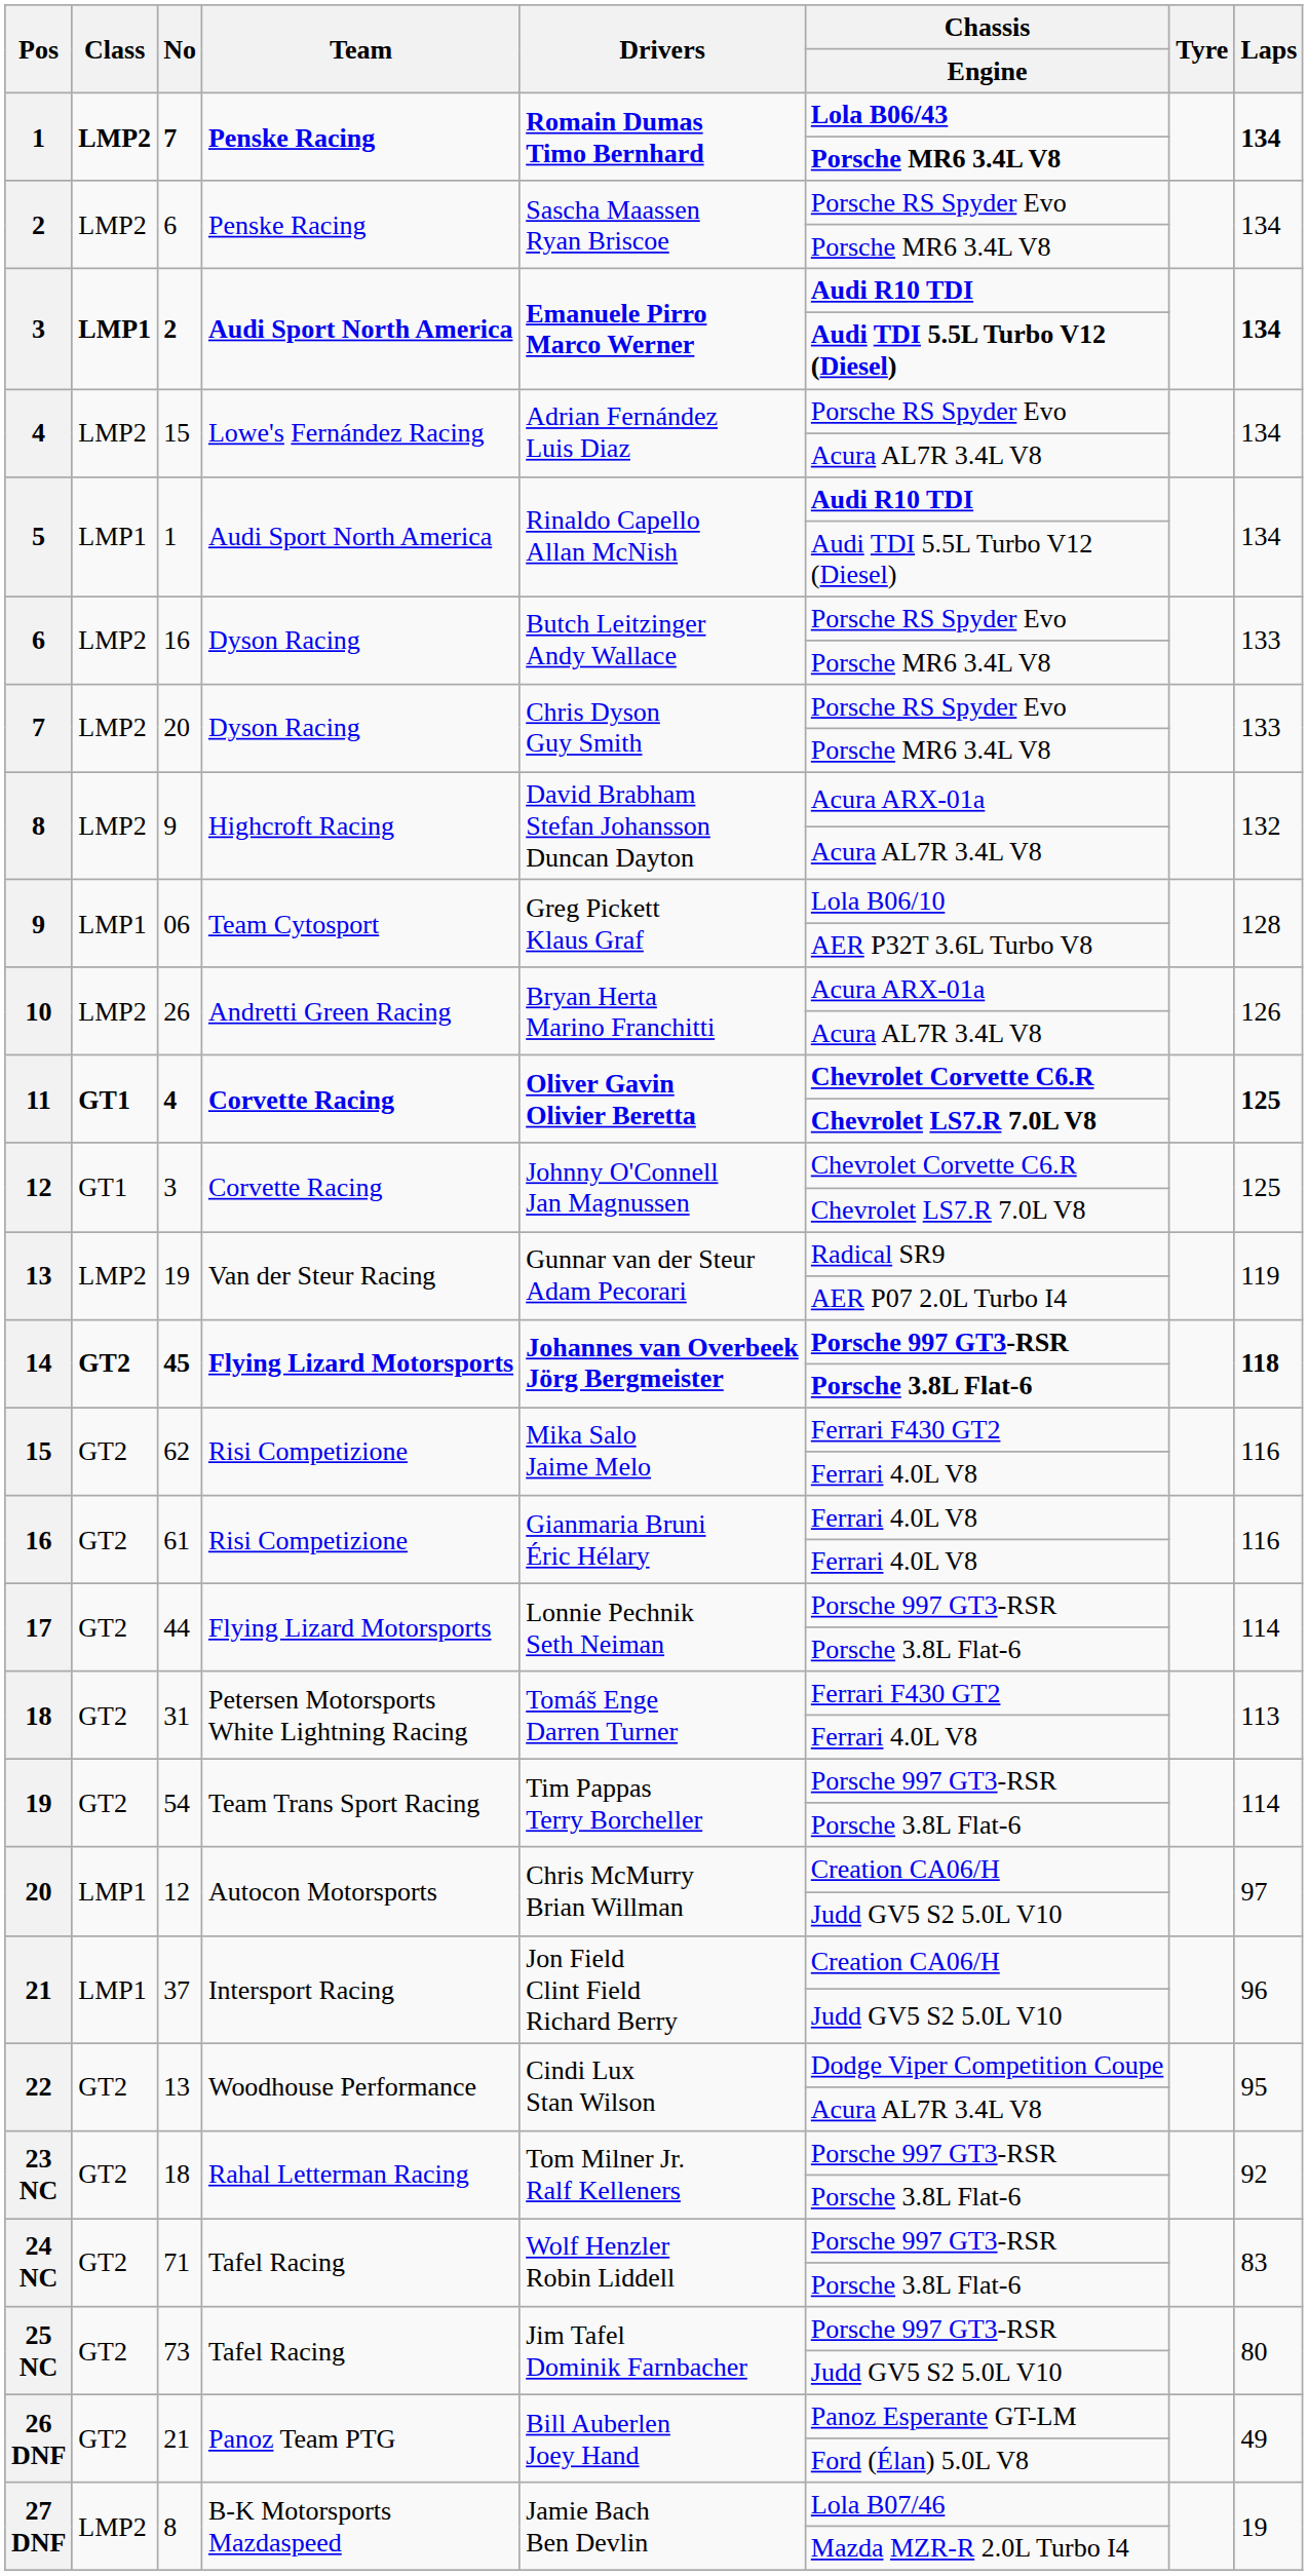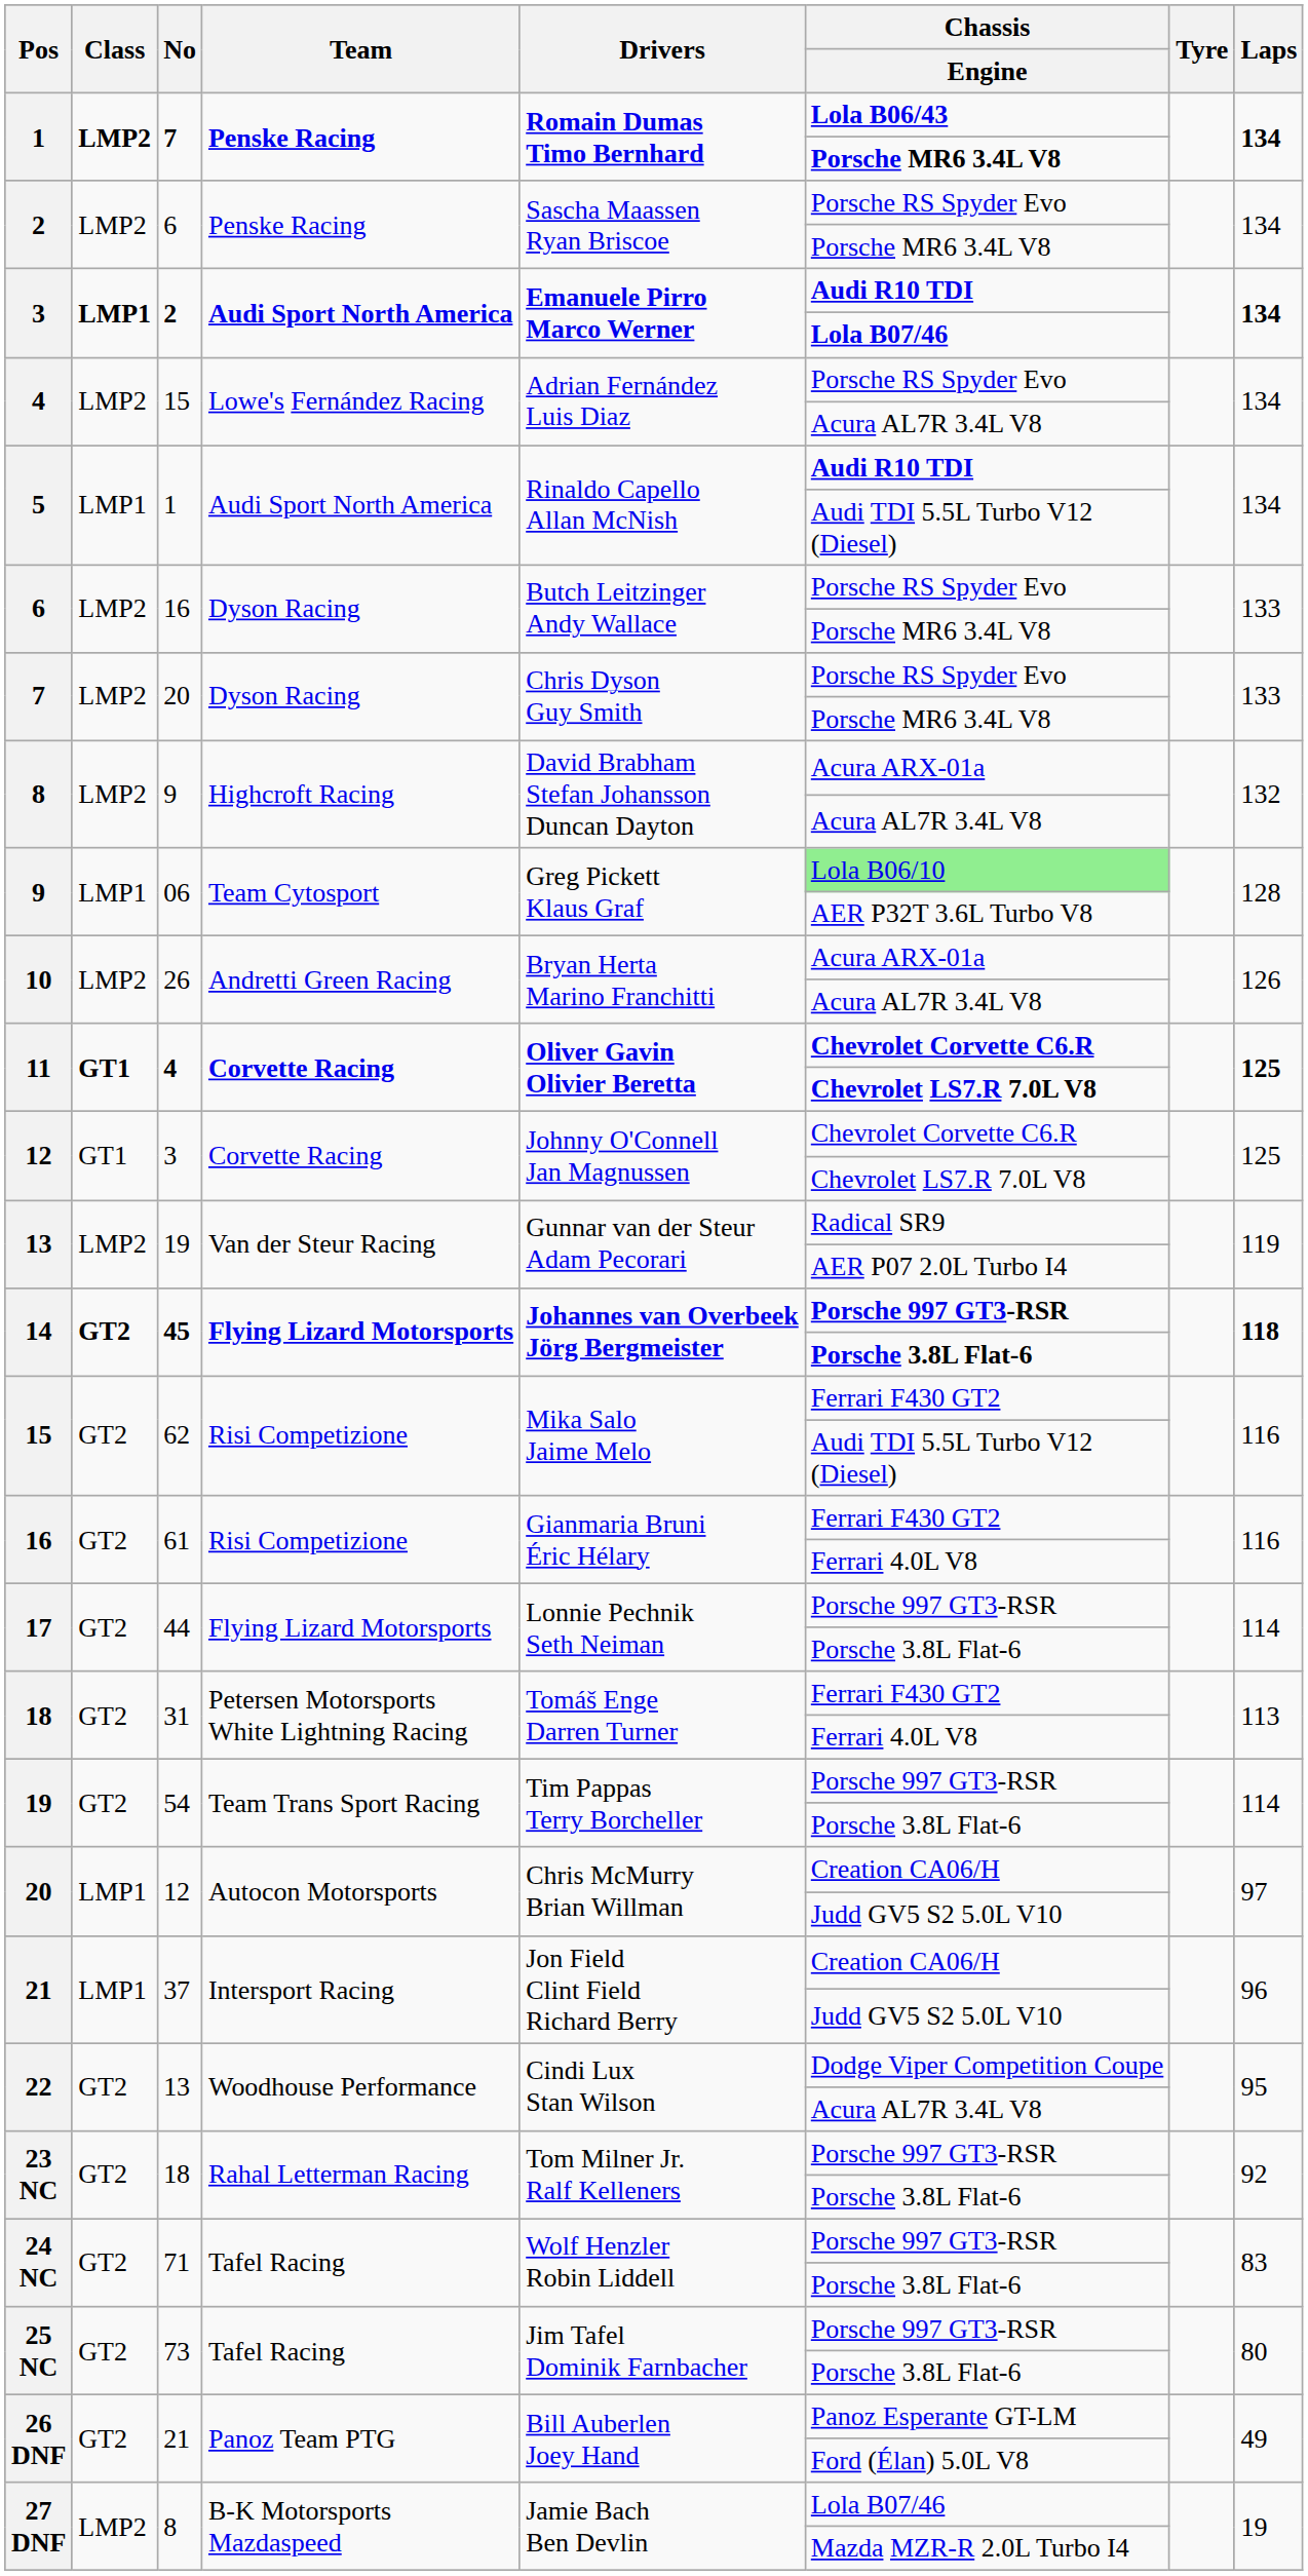 <table class="wikitable" style="font-size: 95%;">
 <tr>
 <th rowspan=2>Pos</th>
 <th rowspan=2>Class</th>
 <th rowspan=2>No</th>
 <th rowspan=2>Team</th>
 <th rowspan=2>Drivers</th>
 <th>Chassis</th>
 <th rowspan=2>Tyre</th>
 <th rowspan=2>Laps</th>
 </tr>
 <tr>
 <th>Engine</th>
 </tr>
 <tr style="font-weight:bold">
 <th rowspan=2>1</th>
 <td rowspan=2>LMP2</td>
 <td rowspan=2>7</td>
 <td rowspan=2> <a href='#'>Penske Racing</a></td>
 <td rowspan=2> <a href='#'>Romain Dumas</a><br> <a href='#'>Timo Bernhard</a></td>
 <td><a href='#'>Lola B06/43</a></td>
 <td rowspan=2></td>
 <td rowspan=2>134</td>
 </tr>
 <tr style="font-weight:bold">
 <td><a href='#'>Porsche</a> MR6 3.4L V8</td>
 </tr>
 <tr>
 <th rowspan=2>2</th>
 <td rowspan=2>LMP2</td>
 <td rowspan=2>6</td>
 <td rowspan=2> <a href='#'>Penske Racing</a></td>
 <td rowspan=2> <a href='#'>Sascha Maassen</a><br> <a href='#'>Ryan Briscoe</a></td>
 <td><a href='#'>Porsche RS Spyder</a> Evo</td>
 <td rowspan=2></td>
 <td rowspan=2>134</td>
 </tr>
 <tr>
 <td><a href='#'>Porsche</a> MR6 3.4L V8</td>
 </tr>
 <tr style="font-weight:bold">
 <th rowspan=2>3</th>
 <td rowspan=2>LMP1</td>
 <td rowspan=2>2</td>
 <td rowspan=2> <a href='#'>Audi Sport North America</a></td>
 <td rowspan=2> <a href='#'>Emanuele Pirro</a><br> <a href='#'>Marco Werner</a></td>
 <td><a href='#'>Audi R10 TDI</a></td>
 <td rowspan=2></td>
 <td rowspan=2>134</td>
 </tr>
 <tr style="font-weight:bold">
-<td><a href='#'>Audi</a> <a href='#'>TDI</a> 5.5L Turbo V12<br>(<a href='#'>Diesel</a>)</td>
+<td><a href='#'>Lola B07/46</a></td>
 </tr>
 <tr>
 <th rowspan=2>4</th>
 <td rowspan=2>LMP2</td>
 <td rowspan=2>15</td>
 <td rowspan=2> <a href='#'>Lowe's</a> <a href='#'>Fernández Racing</a></td>
 <td rowspan=2> <a href='#'>Adrian Fernández</a><br> <a href='#'>Luis Diaz</a></td>
 <td><a href='#'>Porsche RS Spyder</a> Evo</td>
 <td rowspan=2></td>
 <td rowspan=2>134</td>
 </tr>
 <tr>
 <td><a href='#'>Acura</a> AL7R 3.4L V8</td>
 </tr>
 <tr>
 <th rowspan=2>5</th>
 <td rowspan=2>LMP1</td>
 <td rowspan=2>1</td>
 <td rowspan=2> <a href='#'>Audi Sport North America</a></td>
 <td rowspan=2> <a href='#'>Rinaldo Capello</a><br> <a href='#'>Allan McNish</a></td>
 <td><strong><a href='#'>Audi R10 TDI</a></strong></td>
 <td rowspan=2></td>
 <td rowspan=2>134</td>
 </tr>
 <tr>
 <td><a href='#'>Audi</a> <a href='#'>TDI</a> 5.5L Turbo V12<br>(<a href='#'>Diesel</a>)</td>
 </tr>
 <tr>
 <th rowspan=2>6</th>
 <td rowspan=2>LMP2</td>
 <td rowspan=2>16</td>
 <td rowspan=2> <a href='#'>Dyson Racing</a></td>
 <td rowspan=2> <a href='#'>Butch Leitzinger</a><br> <a href='#'>Andy Wallace</a></td>
 <td><a href='#'>Porsche RS Spyder</a> Evo</td>
 <td rowspan=2></td>
 <td rowspan=2>133</td>
 </tr>
 <tr>
 <td><a href='#'>Porsche</a> MR6 3.4L V8</td>
 </tr>
 <tr>
 <th rowspan=2>7</th>
 <td rowspan=2>LMP2</td>
 <td rowspan=2>20</td>
 <td rowspan=2> <a href='#'>Dyson Racing</a></td>
 <td rowspan=2> <a href='#'>Chris Dyson</a><br> <a href='#'>Guy Smith</a></td>
 <td><a href='#'>Porsche RS Spyder</a> Evo</td>
 <td rowspan=2></td>
 <td rowspan=2>133</td>
 </tr>
 <tr>
 <td><a href='#'>Porsche</a> MR6 3.4L V8</td>
 </tr>
 <tr sty;e="font-weight:bold">
 <th rowspan=2>8</th>
 <td rowspan=2>LMP2</td>
 <td rowspan=2>9</td>
 <td rowspan=2> <a href='#'>Highcroft Racing</a></td>
 <td rowspan=2> <a href='#'>David Brabham</a><br> <a href='#'>Stefan Johansson</a><br> Duncan Dayton</td>
 <td><a href='#'>Acura ARX-01a</a></td>
 <td rowspan=2></td>
 <td rowspan=2>132</td>
 </tr>
 <tr>
 <td><a href='#'>Acura</a> AL7R 3.4L V8</td>
 </tr>
 <tr>
 <th rowspan=2>9</th>
 <td rowspan=2>LMP1</td>
 <td rowspan=2>06</td>
 <td rowspan=2> <a href='#'>Team Cytosport</a></td>
 <td rowspan=2> Greg Pickett<br> <a href='#'>Klaus Graf</a></td>
-<td><a href='#'>Lola B06/10</a></td>
+<td style="background: lightgreen;"><a href='#'>Lola B06/10</a></td>
 <td rowspan=2></td>
 <td rowspan=2>128</td>
 </tr>
 <tr>
 <td><a href='#'>AER</a> P32T 3.6L Turbo V8</td>
 </tr>
 <tr>
 <th rowspan=2>10</th>
 <td rowspan=2>LMP2</td>
 <td rowspan=2>26</td>
 <td rowspan=2> <a href='#'>Andretti Green Racing</a></td>
 <td rowspan=2> <a href='#'>Bryan Herta</a><br> <a href='#'>Marino Franchitti</a></td>
 <td><a href='#'>Acura ARX-01a</a></td>
 <td rowspan=2></td>
 <td rowspan=2>126</td>
 </tr>
 <tr>
 <td><a href='#'>Acura</a> AL7R 3.4L V8</td>
 </tr>
 <tr style="font-weight:bold">
 <th rowspan=2>11</th>
 <td rowspan=2>GT1</td>
 <td rowspan=2>4</td>
 <td rowspan=2> <a href='#'>Corvette Racing</a></td>
 <td rowspan=2> <a href='#'>Oliver Gavin</a><br> <a href='#'>Olivier Beretta</a></td>
 <td><a href='#'>Chevrolet Corvette C6.R</a></td>
 <td rowspan=2></td>
 <td rowspan=2>125</td>
 </tr>
 <tr style="font-weight:bold">
 <td><a href='#'>Chevrolet</a> <a href='#'>LS7.R</a> 7.0L V8</td>
 </tr>
 <tr>
 <th rowspan=2>12</th>
 <td rowspan=2>GT1</td>
 <td rowspan=2>3</td>
 <td rowspan=2> <a href='#'>Corvette Racing</a></td>
 <td rowspan=2> <a href='#'>Johnny O'Connell</a><br> <a href='#'>Jan Magnussen</a></td>
 <td><a href='#'>Chevrolet Corvette C6.R</a></td>
 <td rowspan=2></td>
 <td rowspan=2>125</td>
 </tr>
 <tr>
 <td><a href='#'>Chevrolet</a> <a href='#'>LS7.R</a> 7.0L V8</td>
 </tr>
 <tr>
 <th rowspan=2>13</th>
 <td rowspan=2>LMP2</td>
 <td rowspan=2>19</td>
 <td rowspan=2> Van der Steur Racing</td>
 <td rowspan=2> Gunnar van der Steur<br> <a href='#'>Adam Pecorari</a></td>
 <td><a href='#'>Radical</a> SR9</td>
 <td rowspan=2></td>
 <td rowspan=2>119</td>
 </tr>
 <tr>
 <td><a href='#'>AER</a> P07 2.0L Turbo I4</td>
 </tr>
 <tr style="font-weight:bold">
 <th rowspan=2>14</th>
 <td rowspan=2>GT2</td>
 <td rowspan=2>45</td>
 <td rowspan=2> <a href='#'>Flying Lizard Motorsports</a></td>
 <td rowspan=2> <a href='#'>Johannes van Overbeek</a><br> <a href='#'>Jörg Bergmeister</a></td>
 <td><a href='#'>Porsche 997 GT3</a>-RSR</td>
 <td rowspan=2></td>
 <td rowspan=2>118</td>
 </tr>
 <tr style="font-weight:bold">
 <td><a href='#'>Porsche</a> 3.8L Flat-6</td>
 </tr>
 <tr>
 <th rowspan=2>15</th>
 <td rowspan=2>GT2</td>
 <td rowspan=2>62</td>
 <td rowspan=2> <a href='#'>Risi Competizione</a></td>
 <td rowspan=2> <a href='#'>Mika Salo</a><br> <a href='#'>Jaime Melo</a></td>
 <td><a href='#'>Ferrari F430 GT2</a></td>
 <td rowspan=2></td>
 <td rowspan=2>116</td>
 </tr>
 <tr>
-<td><a href='#'>Ferrari</a> 4.0L V8</td>
+<td><a href='#'>Audi</a> <a href='#'>TDI</a> 5.5L Turbo V12<br>(<a href='#'>Diesel</a>)</td>
 </tr>
 <tr>
 <th rowspan=2>16</th>
 <td rowspan=2>GT2</td>
 <td rowspan=2>61</td>
 <td rowspan=2> <a href='#'>Risi Competizione</a></td>
 <td rowspan=2> <a href='#'>Gianmaria Bruni</a><br> <a href='#'>Éric Hélary</a></td>
-<td><a href='#'>Ferrari</a> 4.0L V8</td>
+<td><a href='#'>Ferrari F430 GT2</a></td>
 <td rowspan=2></td>
 <td rowspan=2>116</td>
 </tr>
 <tr>
 <td><a href='#'>Ferrari</a> 4.0L V8</td>
 </tr>
 <tr>
 <th rowspan=2>17</th>
 <td rowspan=2>GT2</td>
 <td rowspan=2>44</td>
 <td rowspan=2> <a href='#'>Flying Lizard Motorsports</a></td>
 <td rowspan=2> Lonnie Pechnik<br> <a href='#'>Seth Neiman</a></td>
 <td><a href='#'>Porsche 997 GT3</a>-RSR</td>
 <td rowspan=2></td>
 <td rowspan=2>114</td>
 </tr>
 <tr>
 <td><a href='#'>Porsche</a> 3.8L Flat-6</td>
 </tr>
 <tr>
 <th rowspan=2>18</th>
 <td rowspan=2>GT2</td>
 <td rowspan=2>31</td>
 <td rowspan=2> Petersen Motorsports<br> White Lightning Racing</td>
 <td rowspan=2> <a href='#'>Tomáš Enge</a><br> <a href='#'>Darren Turner</a></td>
 <td><a href='#'>Ferrari F430 GT2</a></td>
 <td rowspan=2></td>
 <td rowspan=2>113</td>
 </tr>
 <tr>
 <td><a href='#'>Ferrari</a> 4.0L V8</td>
 </tr>
 <tr>
 <th rowspan=2>19</th>
 <td rowspan=2>GT2</td>
 <td rowspan=2>54</td>
 <td rowspan=2> Team Trans Sport Racing</td>
 <td rowspan=2> Tim Pappas<br> <a href='#'>Terry Borcheller</a></td>
 <td><a href='#'>Porsche 997 GT3</a>-RSR</td>
 <td rowspan=2></td>
 <td rowspan=2>114</td>
 </tr>
 <tr>
 <td><a href='#'>Porsche</a> 3.8L Flat-6</td>
 </tr>
 <tr>
 <th rowspan=2>20</th>
 <td rowspan=2>LMP1</td>
 <td rowspan=2>12</td>
 <td rowspan=2> Autocon Motorsports</td>
 <td rowspan=2> Chris McMurry<br> Brian Willman</td>
 <td><a href='#'>Creation CA06/H</a></td>
 <td rowspan=2></td>
 <td rowspan=2>97</td>
 </tr>
 <tr>
 <td><a href='#'>Judd</a> GV5 S2 5.0L V10</td>
 </tr>
 <tr>
 <th rowspan=2>21</th>
 <td rowspan=2>LMP1</td>
 <td rowspan=2>37</td>
 <td rowspan=2> Intersport Racing</td>
 <td rowspan=2> Jon Field<br> Clint Field<br> Richard Berry</td>
 <td><a href='#'>Creation CA06/H</a></td>
 <td rowspan=2></td>
 <td rowspan=2>96</td>
 </tr>
 <tr>
 <td><a href='#'>Judd</a> GV5 S2 5.0L V10</td>
 </tr>
 <tr>
 <th rowspan=2>22</th>
 <td rowspan=2>GT2</td>
 <td rowspan=2>13</td>
 <td rowspan=2> Woodhouse Performance</td>
 <td rowspan=2> Cindi Lux<br> Stan Wilson</td>
 <td><a href='#'>Dodge Viper Competition Coupe</a></td>
 <td rowspan=2></td>
 <td rowspan=2>95</td>
 </tr>
 <tr>
 <td><a href='#'>Acura</a> AL7R 3.4L V8</td>
 </tr>
 <tr>
 <th rowspan=2>23<br>NC</th>
 <td rowspan=2>GT2</td>
 <td rowspan=2>18</td>
 <td rowspan=2> <a href='#'>Rahal Letterman Racing</a></td>
 <td rowspan=2> Tom Milner Jr.<br> <a href='#'>Ralf Kelleners</a></td>
 <td><a href='#'>Porsche 997 GT3</a>-RSR</td>
 <td rowspan=2></td>
 <td rowspan=2>92</td>
 </tr>
 <tr>
 <td><a href='#'>Porsche</a> 3.8L Flat-6</td>
 </tr>
 <tr>
 <th rowspan=2>24<br>NC</th>
 <td rowspan=2>GT2</td>
 <td rowspan=2>71</td>
 <td rowspan=2> Tafel Racing</td>
 <td rowspan=2> <a href='#'>Wolf Henzler</a><br> Robin Liddell</td>
 <td><a href='#'>Porsche 997 GT3</a>-RSR</td>
 <td rowspan=2></td>
 <td rowspan=2>83</td>
 </tr>
 <tr>
 <td><a href='#'>Porsche</a> 3.8L Flat-6</td>
 </tr>
 <tr>
 <th rowspan=2>25<br>NC</th>
 <td rowspan=2>GT2</td>
 <td rowspan=2>73</td>
 <td rowspan=2> Tafel Racing</td>
 <td rowspan=2> Jim Tafel<br> <a href='#'>Dominik Farnbacher</a></td>
 <td><a href='#'>Porsche 997 GT3</a>-RSR</td>
 <td rowspan=2></td>
 <td rowspan=2>80</td>
 </tr>
 <tr>
-<td><a href='#'>Judd</a> GV5 S2 5.0L V10</td>
+<td><a href='#'>Porsche</a> 3.8L Flat-6</td>
 </tr>
 <tr>
 <th rowspan=2>26<br>DNF</th>
 <td rowspan=2>GT2</td>
 <td rowspan=2>21</td>
 <td rowspan=2> <a href='#'>Panoz</a> Team PTG</td>
 <td rowspan=2> <a href='#'>Bill Auberlen</a><br> <a href='#'>Joey Hand</a></td>
 <td><a href='#'>Panoz Esperante</a> GT-LM</td>
 <td rowspan=2></td>
 <td rowspan=2>49</td>
 </tr>
 <tr>
 <td><a href='#'>Ford</a> (<a href='#'>Élan</a>) 5.0L V8</td>
 </tr>
 <tr>
 <th rowspan=2>27<br>DNF</th>
 <td rowspan=2>LMP2</td>
 <td rowspan=2>8</td>
 <td rowspan=2> B-K Motorsports<br> <a href='#'>Mazdaspeed</a></td>
 <td rowspan=2> Jamie Bach<br> Ben Devlin</td>
 <td><a href='#'>Lola B07/46</a></td>
 <td rowspan=2></td>
 <td rowspan=2>19</td>
 </tr>
 <tr>
 <td><a href='#'>Mazda</a> <a href='#'>MZR-R</a> 2.0L Turbo I4</td>
 </tr>
 </table>
